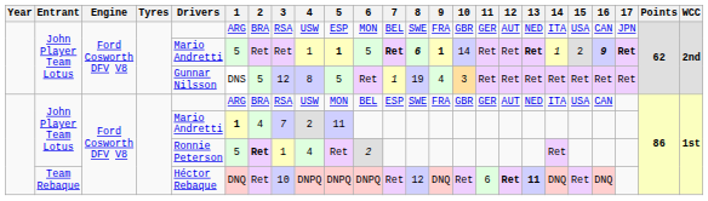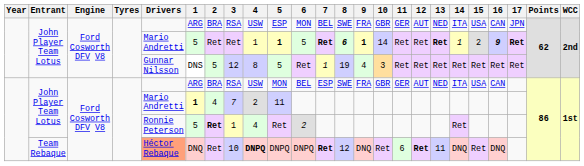 <table class="wikitable" style="text-align:center; font-size:95%">
 <tr>
 <th>Year</th>
 <th>Entrant</th>
 <th>Engine</th>
 <th>Tyres</th>
 <th>Drivers</th>
 <th>1</th>
 <th>2</th>
 <th>3</th>
 <th>4</th>
 <th>5</th>
 <th>6</th>
 <th>7</th>
 <th>8</th>
 <th>9</th>
 <th>10</th>
 <th>11</th>
 <th>12</th>
 <th>13</th>
 <th>14</th>
 <th>15</th>
 <th>16</th>
 <th>17</th>
 <th>Points</th>
 <th>WCC</th>
 </tr>
 <tr>
 <td rowspan="3"></td>
 <td rowspan="3"><a href='#'>John Player</a> <a href='#'>Team Lotus</a></td>
 <td rowspan="3"><a href='#'>Ford</a> <a href='#'>Cosworth DFV</a> <a href='#'>V8</a></td>
 <td rowspan="3"></td>
 <td></td>
 <td><a href='#'>ARG</a></td>
 <td><a href='#'>BRA</a></td>
 <td><a href='#'>RSA</a></td>
 <td><a href='#'>USW</a></td>
 <td><a href='#'>ESP</a></td>
 <td><a href='#'>MON</a></td>
 <td><a href='#'>BEL</a></td>
 <td><a href='#'>SWE</a></td>
 <td><a href='#'>FRA</a></td>
 <td><a href='#'>GBR</a></td>
 <td><a href='#'>GER</a></td>
 <td><a href='#'>AUT</a></td>
 <td><a href='#'>NED</a></td>
 <td><a href='#'>ITA</a></td>
 <td><a href='#'>USA</a></td>
 <td><a href='#'>CAN</a></td>
 <td><a href='#'>JPN</a></td>
 <td rowspan="3" style="background:#DFDFDF;"><strong>62</strong></td>
 <td rowspan="3" style="background:#DFDFDF;"><strong>2nd</strong></td>
 </tr>
 <tr>
 <td align="left"><a href='#'>Mario Andretti</a></td>
 <td style="background:#DFFFDF;">5</td>
 <td style="background:#EFCFFF;">Ret</td>
 <td style="background:#EFCFFF;">Ret</td>
 <td style="background:#FFFFBF;">1</td>
 <td style="background:#FFFFBF;"><strong>1</strong></td>
 <td style="background:#DFFFDF;">5</td>
 <td style="background:#EFCFFF;"><strong>Ret</strong></td>
 <td style="background:#DFFFDF;"><strong><em>6</em></strong></td>
 <td style="background:#FFFFBF;"><strong>1</strong></td>
 <td style="background:#CFCFFF;">14</td>
 <td style="background:#EFCFFF;">Ret</td>
 <td style="background:#EFCFFF;">Ret</td>
 <td style="background:#EFCFFF;"><strong>Ret</strong></td>
 <td style="background:#FFFFBF;"><em>1</em></td>
 <td style="background:#DFDFDF;">2</td>
 <td style="background:#CFCFFF;"><strong><em>9</em></strong></td>
 <td style="background:#EFCFFF;"><strong>Ret</strong></td>
 </tr>
 <tr>
 <td align="left"><a href='#'>Gunnar Nilsson</a></td>
 <td style="background:#fff;">DNS</td>
 <td style="background:#DFFFDF;">5</td>
 <td style="background:#CFCFFF;">12</td>
 <td style="background:#CFCFFF;">8</td>
 <td style="background:#DFFFDF;">5</td>
 <td style="background:#EFCFFF;">Ret</td>
 <td style="background:#FFFFBF;"><em>1</em></td>
 <td style="background:#CFCFFF;">19</td>
 <td style="background:#DFFFDF;">4</td>
 <td style="background:#FFDF9F;">3</td>
 <td style="background:#EFCFFF;">Ret</td>
 <td style="background:#EFCFFF;">Ret</td>
 <td style="background:#EFCFFF;">Ret</td>
 <td style="background:#EFCFFF;">Ret</td>
 <td style="background:#EFCFFF;">Ret</td>
 <td style="background:#EFCFFF;">Ret</td>
 <td style="background:#EFCFFF;">Ret</td>
 </tr>
 <tr>
 <td rowspan="4"></td>
 <td rowspan="3"><a href='#'>John Player</a> <a href='#'>Team Lotus</a></td>
 <td rowspan="4"><a href='#'>Ford Cosworth DFV</a> <a href='#'>V8</a></td>
 <td rowspan="4"></td>
 <td></td>
 <td><a href='#'>ARG</a></td>
 <td><a href='#'>BRA</a></td>
 <td><a href='#'>RSA</a></td>
 <td><a href='#'>USW</a></td>
 <td><a href='#'>MON</a></td>
 <td><a href='#'>BEL</a></td>
 <td><a href='#'>ESP</a></td>
 <td><a href='#'>SWE</a></td>
 <td><a href='#'>FRA</a></td>
 <td><a href='#'>GBR</a></td>
 <td><a href='#'>GER</a></td>
 <td><a href='#'>AUT</a></td>
 <td><a href='#'>NED</a></td>
 <td><a href='#'>ITA</a></td>
 <td><a href='#'>USA</a></td>
 <td><a href='#'>CAN</a></td>
 <td></td>
 <td rowspan="4" style="background:#FBFFBF;"><strong>86</strong></td>
 <td rowspan="4" style="background:#FBFFBF;"><strong>1st</strong></td>
 </tr>
 <tr>
 <td align="left"><a href='#'>Mario Andretti</a></td>
 <td style="background:#FFFFBF;"><strong>1</strong></td>
 <td style="background:#DFFFDF;">4</td>
 <td style="background:#CFCFFF;"><em>7</em></td>
 <td style="background:#DFDFDF;">2</td>
 <td style="background:#CFCFFF;">11</td>
 <td></td>
 <td></td>
 <td></td>
 <td></td>
 <td></td>
 <td></td>
 <td></td>
 <td></td>
 <td></td>
 <td></td>
 <td></td>
 <td></td>
 </tr>
 <tr>
 <td align="left"><a href='#'>Ronnie Peterson</a></td>
 <td style="background:#DFFFDF;">5</td>
 <td style="background:#EFCFFF;"><strong>Ret</strong></td>
 <td style="background:#FFFFBF;">1</td>
 <td style="background:#DFFFDF;">4</td>
 <td style="background:#EFCFFF;">Ret</td>
 <td style="background:#DFDFDF;"><em>2</em></td>
 <td></td>
 <td></td>
 <td></td>
 <td></td>
 <td></td>
 <td></td>
 <td></td>
 <td style="background:#EFCFFF;">Ret</td>
 <td></td>
 <td></td>
 <td></td>
 </tr>
 <tr>
 <td><a href='#'>Team Rebaque</a></td>
-<td align="left"><a href='#'>Héctor Rebaque</a></td>
+<td align="left" style="background: lightsalmon;"><a href='#'>Héctor Rebaque</a></td>
 <td style="background:#FFCFCF;">DNQ</td>
 <td style="background:#EFCFFF;">Ret</td>
 <td style="background:#CFCFFF;">10</td>
+<td style="background:#FFCFCF;"><strong>DNPQ</strong></td>
 <td style="background:#FFCFCF;">DNPQ</td>
 <td style="background:#FFCFCF;">DNPQ</td>
-<td style="background:#FFCFCF;">DNPQ</td>
-<td style="background:#EFCFFF;">Ret</td>
+<td style="background:#EFCFFF;"><strong>Ret</strong></td>
 <td style="background:#CFCFFF;">12</td>
 <td style="background:#FFCFCF;">DNQ</td>
 <td style="background:#EFCFFF;">Ret</td>
 <td style="background:#DFFFDF;">6</td>
 <td style="background:#EFCFFF;"><strong>Ret</strong></td>
-<td style="background:#CFCFFF;"><strong>11</strong></td>
+<td style="background:#CFCFFF;">11</td>
 <td style="background:#FFCFCF;">DNQ</td>
 <td style="background:#EFCFFF;">Ret</td>
 <td style="background:#FFCFCF;">DNQ</td>
 <td></td>
 </tr>
 </table>
